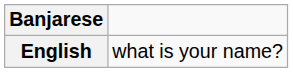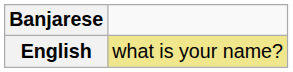 <table class="wikitable">
 <tr style="vertical-align: top;">
 <th scope="row">Banjarese</th>
 <td></td>
 </tr>
 <tr style="vertical-align: top;">
 <th scope="row">English</th>
-<td>what is your name?</td>
+<td style="background: khaki;">what is your name?</td>
 </tr>
 </table>
